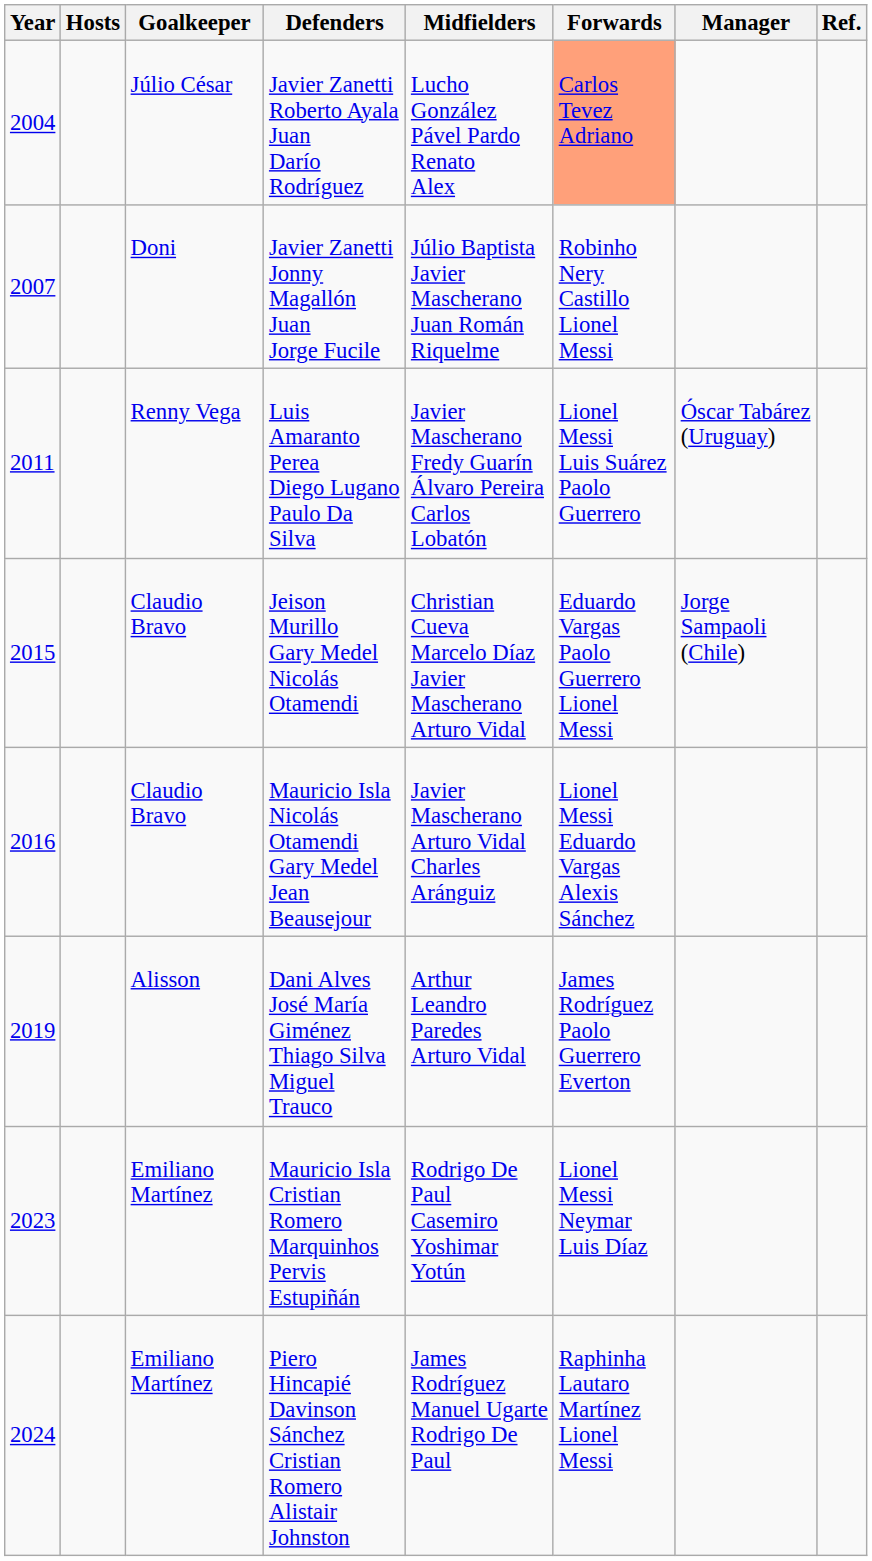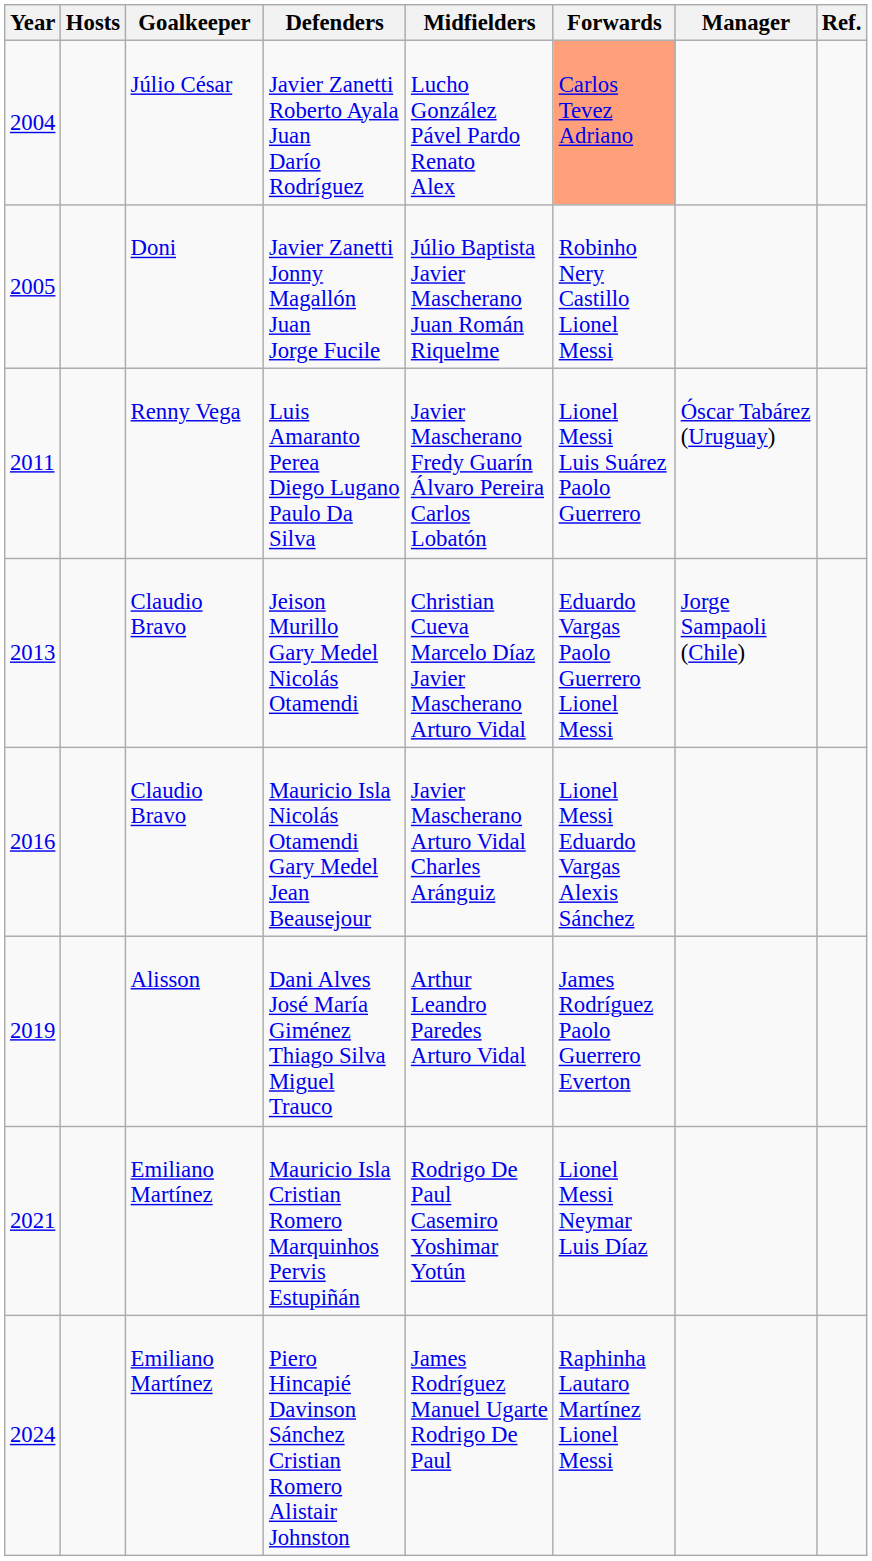 <table class="wikitable">
 <tr>
 <th>Year</th>
 <th>Hosts</th>
 <th>Goalkeeper</th>
 <th>Defenders</th>
 <th>Midfielders</th>
 <th>Forwards</th>
 <th>Manager</th>
 <th>Ref.</th>
 </tr>
 <tr>
 <td><a href='#'>2004</a></td>
 <td></td>
 <td valign=top><br> <a href='#'>Júlio César</a></td>
 <td valign=top><br> <a href='#'>Javier Zanetti</a><br>  <a href='#'>Roberto Ayala</a><br>  <a href='#'>Juan</a><br>  <a href='#'>Darío Rodríguez</a></td>
 <td valign=top><br> <a href='#'>Lucho González</a><br>  <a href='#'>Pável Pardo</a><br>  <a href='#'>Renato</a><br>  <a href='#'>Alex</a></td>
 <td valign=top style="background: lightsalmon;"><br> <a href='#'>Carlos Tevez</a><br>  <a href='#'>Adriano</a></td>
 <td></td>
 <td></td>
 </tr>
 <tr>
-<td><a href='#'>2007</a></td>
+<td><a href='#'>2005</a></td>
 <td></td>
 <td valign=top><br> <a href='#'>Doni</a></td>
 <td valign=top><br> <a href='#'>Javier Zanetti</a><br>  <a href='#'>Jonny Magallón</a><br>  <a href='#'>Juan</a><br>  <a href='#'>Jorge Fucile</a></td>
 <td valign=top><br> <a href='#'>Júlio Baptista</a><br>  <a href='#'>Javier Mascherano</a><br>  <a href='#'>Juan Román Riquelme</a></td>
 <td valign=top><br> <a href='#'>Robinho</a><br>  <a href='#'>Nery Castillo</a><br>  <a href='#'>Lionel Messi</a></td>
 <td></td>
 <td></td>
 </tr>
 <tr>
 <td><a href='#'>2011</a></td>
 <td></td>
 <td valign=top><br> <a href='#'>Renny Vega</a></td>
 <td valign=top><br> <a href='#'>Luis Amaranto Perea</a><br>  <a href='#'>Diego Lugano</a><br>  <a href='#'>Paulo Da Silva</a></td>
 <td valign=top><br> <a href='#'>Javier Mascherano</a><br>  <a href='#'>Fredy Guarín</a><br>  <a href='#'>Álvaro Pereira</a><br>  <a href='#'>Carlos Lobatón</a><br></td>
 <td valign=top><br> <a href='#'>Lionel Messi</a><br>  <a href='#'>Luis Suárez</a><br>  <a href='#'>Paolo Guerrero</a></td>
 <td valign=top><br> <a href='#'>Óscar Tabárez</a> (<a href='#'>Uruguay</a>)</td>
 <td></td>
 </tr>
 <tr>
-<td><a href='#'>2015</a></td>
+<td><a href='#'>2013</a></td>
 <td></td>
 <td valign=top><br> <a href='#'>Claudio Bravo</a></td>
 <td valign=top><br> <a href='#'>Jeison Murillo</a><br>  <a href='#'>Gary Medel</a><br>  <a href='#'>Nicolás Otamendi</a></td>
 <td valign=top><br> <a href='#'>Christian Cueva</a><br>  <a href='#'>Marcelo Díaz</a><br>  <a href='#'>Javier Mascherano</a><br>  <a href='#'>Arturo Vidal</a></td>
 <td valign=top><br> <a href='#'>Eduardo Vargas</a><br>  <a href='#'>Paolo Guerrero</a><br>  <a href='#'>Lionel Messi</a></td>
 <td valign=top><br> <a href='#'>Jorge Sampaoli</a> (<a href='#'>Chile</a>)</td>
 <td></td>
 </tr>
 <tr>
 <td><a href='#'>2016</a></td>
 <td></td>
 <td valign=top><br> <a href='#'>Claudio Bravo</a></td>
 <td valign=top><br> <a href='#'>Mauricio Isla</a><br>  <a href='#'>Nicolás Otamendi</a><br>  <a href='#'>Gary Medel</a><br>  <a href='#'>Jean Beausejour</a></td>
 <td valign=top><br> <a href='#'>Javier Mascherano</a><br>  <a href='#'>Arturo Vidal</a><br>  <a href='#'>Charles Aránguiz</a></td>
 <td valign=top><br> <a href='#'>Lionel Messi</a><br>  <a href='#'>Eduardo Vargas</a><br>  <a href='#'>Alexis Sánchez</a></td>
 <td></td>
 <td></td>
 </tr>
 <tr>
 <td><a href='#'>2019</a></td>
 <td></td>
 <td valign=top><br> <a href='#'>Alisson</a></td>
 <td valign=top><br> <a href='#'>Dani Alves</a><br>  <a href='#'>José María Giménez</a><br>  <a href='#'>Thiago Silva</a><br>  <a href='#'>Miguel Trauco</a></td>
 <td valign=top><br> <a href='#'>Arthur</a><br>  <a href='#'>Leandro Paredes</a><br>  <a href='#'>Arturo Vidal</a></td>
 <td valign=top><br> <a href='#'>James Rodríguez</a><br>  <a href='#'>Paolo Guerrero</a><br>  <a href='#'>Everton</a></td>
 <td></td>
 <td></td>
 </tr>
 <tr>
-<td><a href='#'>2023</a></td>
+<td><a href='#'>2021</a></td>
 <td></td>
 <td valign=top><br> <a href='#'>Emiliano Martínez</a></td>
 <td valign=top><br> <a href='#'>Mauricio Isla</a><br> <a href='#'>Cristian Romero</a><br>  <a href='#'>Marquinhos</a><br>  <a href='#'>Pervis Estupiñán</a></td>
 <td valign=top><br> <a href='#'>Rodrigo De Paul</a><br> <a href='#'>Casemiro</a><br> <a href='#'>Yoshimar Yotún</a></td>
 <td valign=top><br> <a href='#'>Lionel Messi</a><br> <a href='#'>Neymar</a><br>  <a href='#'>Luis Díaz</a></td>
 <td></td>
 <td></td>
 </tr>
 <tr>
 <td><a href='#'>2024</a></td>
 <td></td>
 <td valign=top><br> <a href='#'>Emiliano Martínez</a></td>
 <td valign=top><br> <a href='#'>Piero Hincapié</a><br>  <a href='#'>Davinson Sánchez</a><br>  <a href='#'>Cristian Romero</a><br>  <a href='#'>Alistair Johnston</a></td>
 <td valign=top><br> <a href='#'>James Rodríguez</a><br>  <a href='#'>Manuel Ugarte</a><br>  <a href='#'>Rodrigo De Paul</a></td>
 <td valign=top><br> <a href='#'>Raphinha</a><br>  <a href='#'>Lautaro Martínez</a><br>  <a href='#'>Lionel Messi</a></td>
 <td></td>
 <td></td>
 </tr>
 </table>
